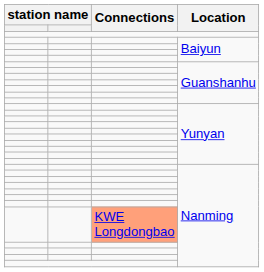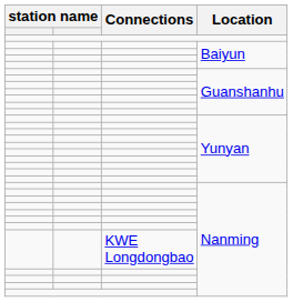 <table class="wikitable">
 <tr>
 <th colspan="2">station name</th>
 <th rowspan="2">Connections<br></th>
 <th rowspan="2">Location</th>
 </tr>
 <tr>
 <th></th>
 <th></th>
 </tr>
 <tr style="background:#">
 <td colspan = "7"></td>
 </tr>
 <tr>
 <td></td>
 <td></td>
 <td></td>
 <td rowspan="4"><a href='#'>Baiyun</a></td>
 </tr>
 <tr>
 <td></td>
 <td></td>
 <td></td>
 </tr>
 <tr>
 <td></td>
 <td></td>
 <td></td>
 </tr>
 <tr>
 <td></td>
 <td></td>
 <td></td>
 </tr>
 <tr>
 <td></td>
 <td></td>
 <td></td>
 <td rowspan="7"><a href='#'>Guanshanhu</a></td>
 </tr>
 <tr>
 <td></td>
 <td></td>
 <td></td>
 </tr>
 <tr>
 <td></td>
 <td></td>
 <td></td>
 </tr>
 <tr>
 <td></td>
 <td></td>
 <td></td>
 </tr>
 <tr>
 <td></td>
 <td></td>
 <td></td>
 </tr>
 <tr>
 <td></td>
 <td></td>
 <td></td>
 </tr>
 <tr>
 <td></td>
 <td></td>
 <td></td>
 </tr>
 <tr>
 <td></td>
 <td></td>
 <td></td>
 <td rowspan="10"><a href='#'>Yunyan</a></td>
 </tr>
 <tr>
 <td></td>
 <td></td>
 <td></td>
 </tr>
 <tr>
 <td></td>
 <td></td>
 <td></td>
 </tr>
 <tr>
 <td></td>
 <td></td>
 <td></td>
 </tr>
 <tr>
 <td></td>
 <td></td>
 <td></td>
 </tr>
 <tr>
 <td></td>
 <td></td>
 <td></td>
 </tr>
 <tr>
 <td></td>
 <td></td>
 <td></td>
 </tr>
 <tr>
 <td></td>
 <td></td>
 <td></td>
 </tr>
 <tr>
 <td></td>
 <td></td>
 <td></td>
 </tr>
 <tr>
 <td></td>
 <td></td>
 <td></td>
 </tr>
 <tr>
 <td></td>
 <td></td>
 <td></td>
 <td rowspan="12"><a href='#'>Nanming</a></td>
 </tr>
 <tr>
 <td></td>
 <td></td>
 <td></td>
 </tr>
 <tr>
 <td></td>
 <td></td>
 <td></td>
 </tr>
 <tr>
 <td></td>
 <td></td>
 <td></td>
 </tr>
 <tr>
 <td></td>
 <td></td>
 <td></td>
 </tr>
 <tr>
 <td></td>
 <td></td>
 <td></td>
 </tr>
 <tr>
 <td></td>
 <td></td>
 <td></td>
 </tr>
 <tr>
 <td></td>
 <td></td>
-<td style="background: lightsalmon;"> <a href='#'>KWE</a><br> <a href='#'>Longdongbao</a></td>
+<td> <a href='#'>KWE</a><br> <a href='#'>Longdongbao</a></td>
 </tr>
 <tr>
 <td></td>
 <td></td>
 <td></td>
 </tr>
 <tr>
 <td></td>
 <td></td>
 <td></td>
 </tr>
 <tr>
 <td></td>
 <td></td>
 <td></td>
 </tr>
 <tr style="background:#">
 <td colspan = "7"></td>
 </tr>
 </table>
